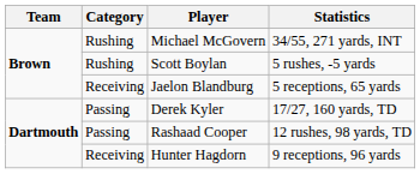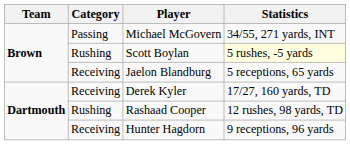 <table class="wikitable" style="float: left;">
 <tr>
 <th>Team</th>
 <th>Category</th>
 <th>Player</th>
 <th>Statistics</th>
 </tr>
 <tr>
 <td rowspan=3><strong>Brown</strong></td>
-<td>Rushing</td>
+<td>Passing</td>
 <td>Michael McGovern</td>
 <td>34/55, 271 yards, INT</td>
 </tr>
 <tr>
 <td>Rushing</td>
 <td>Scott Boylan</td>
-<td>5 rushes, -5 yards</td>
+<td style="background: lightyellow;">5 rushes, -5 yards</td>
 </tr>
 <tr>
 <td>Receiving</td>
 <td>Jaelon Blandburg</td>
 <td>5 receptions, 65 yards</td>
 </tr>
 <tr>
 <td rowspan=3><strong>Dartmouth</strong></td>
-<td>Passing</td>
+<td>Receiving</td>
 <td>Derek Kyler</td>
 <td>17/27, 160 yards, TD</td>
 </tr>
 <tr>
-<td>Passing</td>
+<td>Rushing</td>
 <td>Rashaad Cooper</td>
 <td>12 rushes, 98 yards, TD</td>
 </tr>
 <tr>
 <td>Receiving</td>
 <td>Hunter Hagdorn</td>
 <td>9 receptions, 96 yards</td>
 </tr>
 </table>
